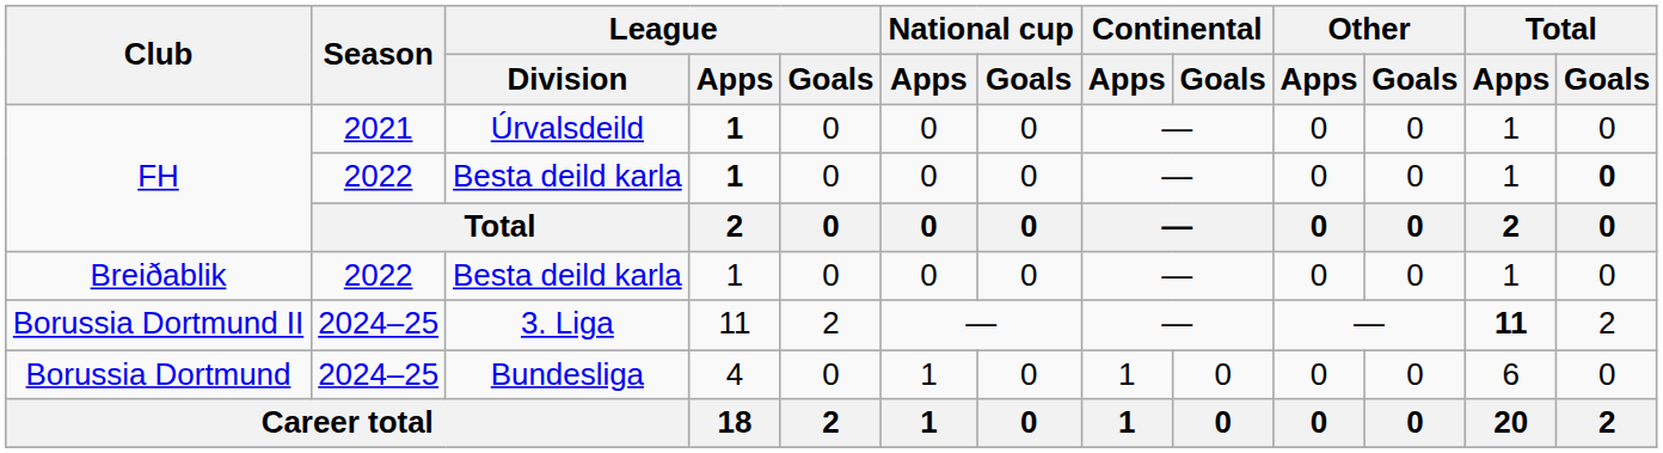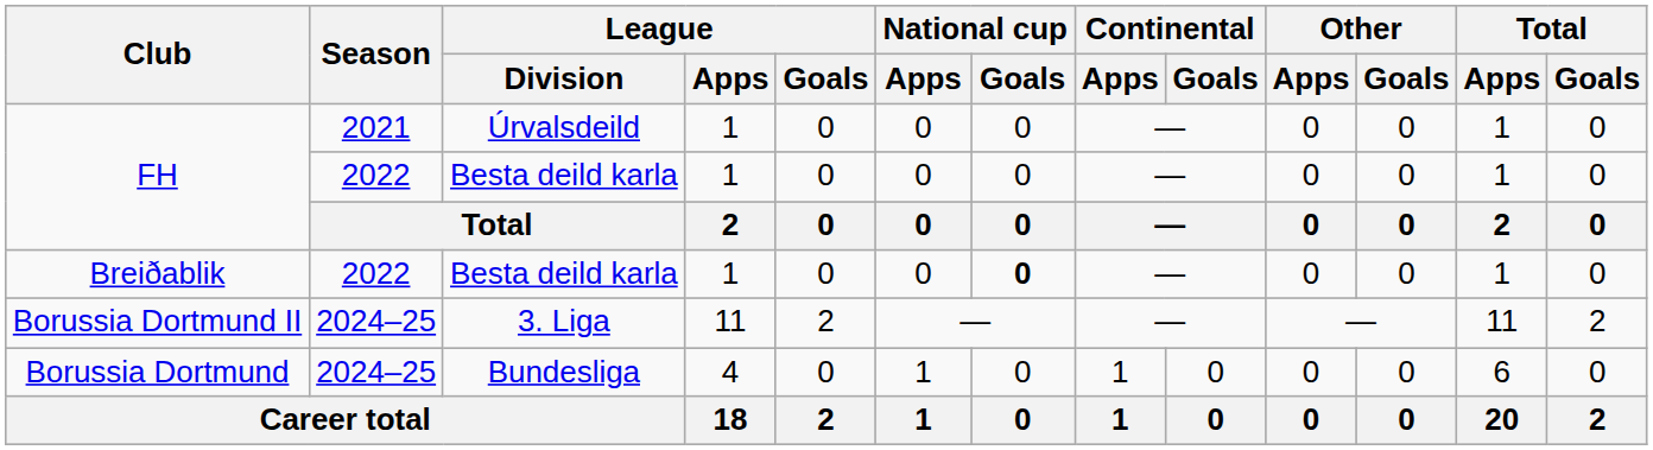 <table class=wikitable style=text-align:center>
 <tr>
 <th rowspan=2>Club</th>
 <th rowspan=2>Season</th>
 <th colspan=3>League</th>
 <th colspan=2>National cup</th>
 <th colspan=2>Continental</th>
 <th colspan=2>Other</th>
 <th colspan=2>Total</th>
 </tr>
 <tr>
 <th>Division</th>
 <th>Apps</th>
 <th>Goals</th>
 <th>Apps</th>
 <th>Goals</th>
 <th>Apps</th>
 <th>Goals</th>
 <th>Apps</th>
 <th>Goals</th>
 <th>Apps</th>
 <th>Goals</th>
 </tr>
 <tr>
 <td rowspan=3><a href='#'>FH</a></td>
 <td><a href='#'>2021</a></td>
 <td><a href='#'>Úrvalsdeild</a></td>
-<td><strong>1</strong></td>
+<td>1</td>
 <td>0</td>
 <td>0</td>
 <td>0</td>
 <td colspan="2">—</td>
 <td>0</td>
 <td>0</td>
 <td>1</td>
 <td>0</td>
 </tr>
 <tr>
 <td><a href='#'>2022</a></td>
 <td><a href='#'>Besta deild karla</a></td>
-<td><strong>1</strong></td>
+<td>1</td>
 <td>0</td>
 <td>0</td>
 <td>0</td>
 <td colspan="2">—</td>
 <td>0</td>
 <td>0</td>
 <td>1</td>
-<td><strong>0</strong></td>
+<td>0</td>
 </tr>
 <tr>
 <th colspan=2>Total</th>
 <th>2</th>
 <th>0</th>
 <th>0</th>
 <th>0</th>
 <th colspan="2">—</th>
 <th>0</th>
 <th>0</th>
 <th>2</th>
 <th>0</th>
 </tr>
 <tr>
 <td><a href='#'>Breiðablik</a></td>
 <td><a href='#'>2022</a></td>
 <td><a href='#'>Besta deild karla</a></td>
 <td>1</td>
 <td>0</td>
 <td>0</td>
-<td>0</td>
+<td><strong>0</strong></td>
 <td colspan="2">—</td>
 <td>0</td>
 <td>0</td>
 <td>1</td>
 <td>0</td>
 </tr>
 <tr>
 <td><a href='#'>Borussia Dortmund II</a></td>
 <td><a href='#'>2024–25</a></td>
 <td><a href='#'>3. Liga</a></td>
 <td>11</td>
 <td>2</td>
 <td colspan="2">—</td>
 <td colspan="2">—</td>
 <td colspan="2">—</td>
-<td><strong>11</strong></td>
+<td>11</td>
 <td>2</td>
 </tr>
 <tr>
 <td><a href='#'>Borussia Dortmund</a></td>
 <td><a href='#'>2024–25</a></td>
 <td><a href='#'>Bundesliga</a></td>
 <td>4</td>
 <td>0</td>
 <td>1</td>
 <td>0</td>
 <td>1</td>
 <td>0</td>
 <td>0</td>
 <td>0</td>
 <td>6</td>
 <td>0</td>
 </tr>
 <tr>
 <th colspan=3>Career total</th>
 <th>18</th>
 <th>2</th>
 <th>1</th>
 <th>0</th>
 <th>1</th>
 <th>0</th>
 <th>0</th>
 <th>0</th>
 <th>20</th>
 <th>2</th>
 </tr>
 </table>
